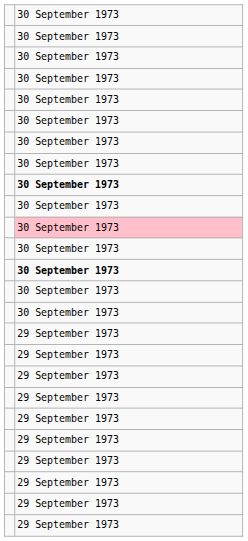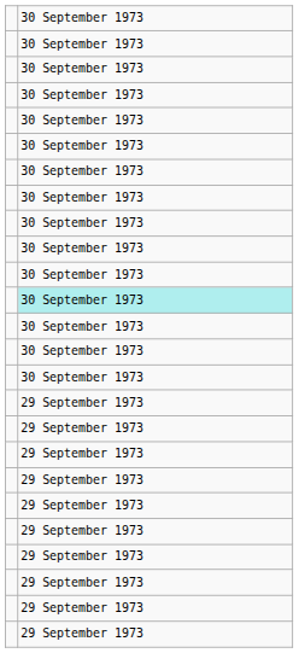 <table class="wikitable" style="font-size: 89%; float: left; width: 24em; margin-right: 1em; line-height: 1.65em">
 <tr>
 <td></td>
 <td>30 September 1973</td>
 </tr>
 <tr>
 <td></td>
 <td>30 September 1973</td>
 </tr>
 <tr>
 <td></td>
 <td>30 September 1973</td>
 </tr>
 <tr>
 <td></td>
 <td>30 September 1973</td>
 </tr>
 <tr>
 <td></td>
 <td>30 September 1973</td>
 </tr>
 <tr>
 <td></td>
 <td>30 September 1973</td>
 </tr>
 <tr>
 <td></td>
 <td>30 September 1973</td>
 </tr>
 <tr>
 <td></td>
 <td>30 September 1973</td>
 </tr>
 <tr>
 <td></td>
-<td><strong>30 September 1973</strong></td>
+<td>30 September 1973</td>
 </tr>
 <tr>
 <td></td>
 <td>30 September 1973</td>
 </tr>
 <tr>
 <td></td>
-<td style="background: pink;">30 September 1973</td>
+<td>30 September 1973</td>
+</tr>
+<tr>
+<td></td>
+<td style="background: paleturquoise;">30 September 1973</td>
 </tr>
 <tr>
 <td></td>
 <td>30 September 1973</td>
-</tr>
-<tr>
-<td></td>
-<td><strong>30 September 1973</strong></td>
 </tr>
 <tr>
 <td></td>
 <td>30 September 1973</td>
 </tr>
 <tr>
 <td></td>
 <td>30 September 1973</td>
 </tr>
 <tr>
 <td></td>
 <td>29 September 1973</td>
 </tr>
 <tr>
 <td></td>
 <td>29 September 1973</td>
 </tr>
 <tr>
 <td></td>
 <td>29 September 1973</td>
 </tr>
 <tr>
 <td></td>
 <td>29 September 1973</td>
 </tr>
 <tr>
 <td></td>
 <td>29 September 1973</td>
 </tr>
 <tr>
 <td></td>
 <td>29 September 1973</td>
 </tr>
 <tr>
 <td></td>
 <td>29 September 1973</td>
 </tr>
 <tr>
 <td></td>
 <td>29 September 1973</td>
 </tr>
 <tr>
 <td></td>
 <td>29 September 1973</td>
 </tr>
 <tr>
 <td></td>
 <td>29 September 1973</td>
 </tr>
 </table>
